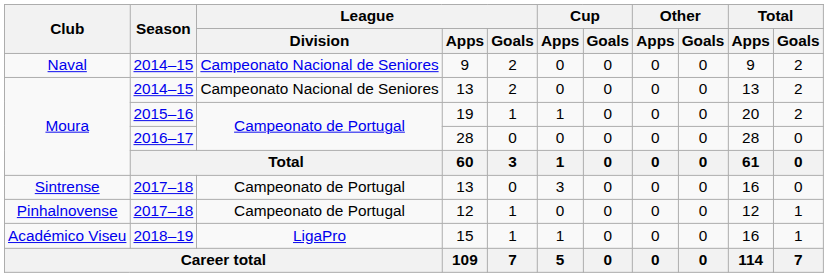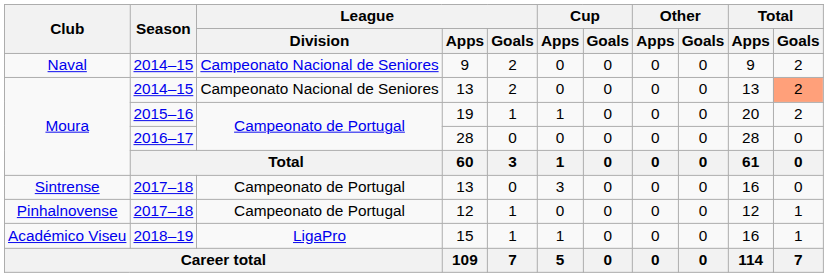 <table class="wikitable" style="text-align:center">
 <tr>
 <th rowspan="2">Club</th>
 <th rowspan="2">Season</th>
 <th colspan="3">League</th>
 <th colspan="2">Cup</th>
 <th colspan="2">Other</th>
 <th colspan="2">Total</th>
 </tr>
 <tr>
 <th>Division</th>
 <th>Apps</th>
 <th>Goals</th>
 <th>Apps</th>
 <th>Goals</th>
 <th>Apps</th>
 <th>Goals</th>
 <th>Apps</th>
 <th>Goals</th>
 </tr>
 <tr>
 <td><a href='#'>Naval</a></td>
 <td><a href='#'>2014–15</a></td>
 <td><a href='#'>Campeonato Nacional de Seniores</a></td>
 <td>9</td>
 <td>2</td>
 <td>0</td>
 <td>0</td>
 <td>0</td>
 <td>0</td>
 <td>9</td>
 <td>2</td>
 </tr>
 <tr>
 <td rowspan="4"><a href='#'>Moura</a></td>
 <td><a href='#'>2014–15</a></td>
 <td>Campeonato Nacional de Seniores</td>
 <td>13</td>
 <td>2</td>
 <td>0</td>
 <td>0</td>
 <td>0</td>
 <td>0</td>
 <td>13</td>
-<td>2</td>
+<td style="background: lightsalmon;">2</td>
 </tr>
 <tr>
 <td><a href='#'>2015–16</a></td>
 <td rowspan="2"><a href='#'>Campeonato de Portugal</a></td>
 <td>19</td>
 <td>1</td>
 <td>1</td>
 <td>0</td>
 <td>0</td>
 <td>0</td>
 <td>20</td>
 <td>2</td>
 </tr>
 <tr>
 <td><a href='#'>2016–17</a></td>
 <td>28</td>
 <td>0</td>
 <td>0</td>
 <td>0</td>
 <td>0</td>
 <td>0</td>
 <td>28</td>
 <td>0</td>
 </tr>
 <tr>
 <th colspan="2">Total</th>
 <th>60</th>
 <th>3</th>
 <th>1</th>
 <th>0</th>
 <th>0</th>
 <th>0</th>
 <th>61</th>
 <th>0</th>
 </tr>
 <tr>
 <td><a href='#'>Sintrense</a></td>
 <td><a href='#'>2017–18</a></td>
 <td>Campeonato de Portugal</td>
 <td>13</td>
 <td>0</td>
 <td>3</td>
 <td>0</td>
 <td>0</td>
 <td>0</td>
 <td>16</td>
 <td>0</td>
 </tr>
 <tr>
 <td><a href='#'>Pinhalnovense</a></td>
 <td><a href='#'>2017–18</a></td>
 <td>Campeonato de Portugal</td>
 <td>12</td>
 <td>1</td>
 <td>0</td>
 <td>0</td>
 <td>0</td>
 <td>0</td>
 <td>12</td>
 <td>1</td>
 </tr>
 <tr>
 <td><a href='#'>Académico Viseu</a></td>
 <td><a href='#'>2018–19</a></td>
 <td><a href='#'>LigaPro</a></td>
 <td>15</td>
 <td>1</td>
 <td>1</td>
 <td>0</td>
 <td>0</td>
 <td>0</td>
 <td>16</td>
 <td>1</td>
 </tr>
 <tr>
 <th colspan="3">Career total</th>
 <th>109</th>
 <th>7</th>
 <th>5</th>
 <th>0</th>
 <th>0</th>
 <th>0</th>
 <th>114</th>
 <th>7</th>
 </tr>
 </table>
